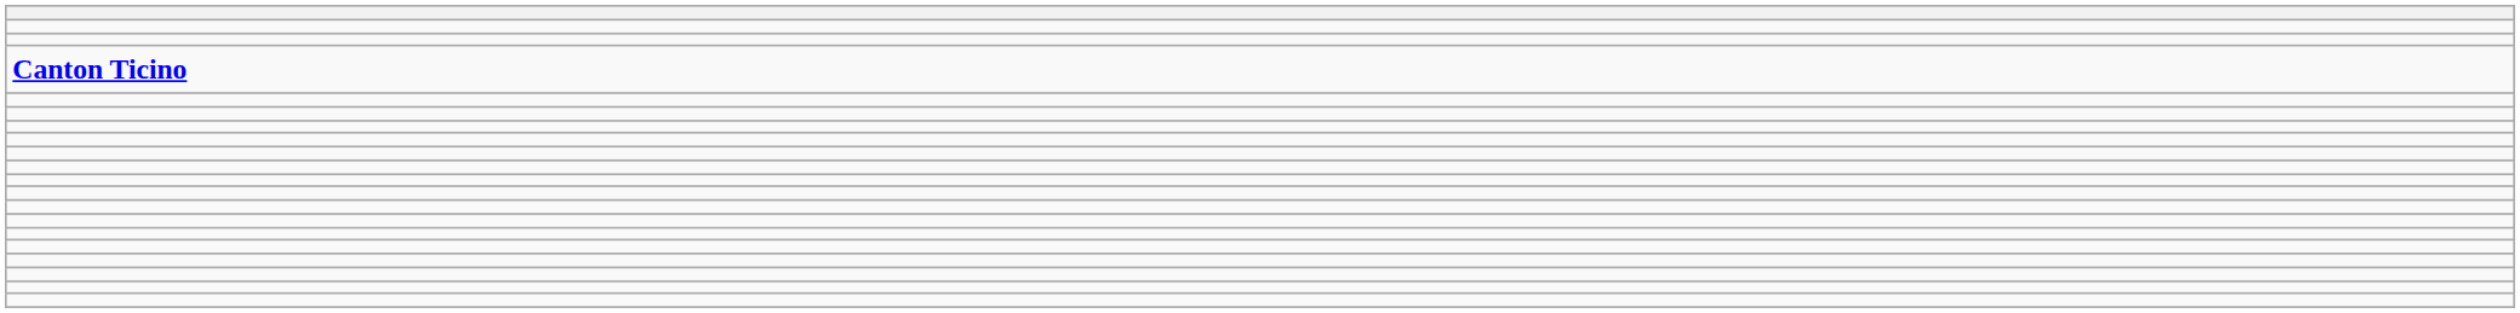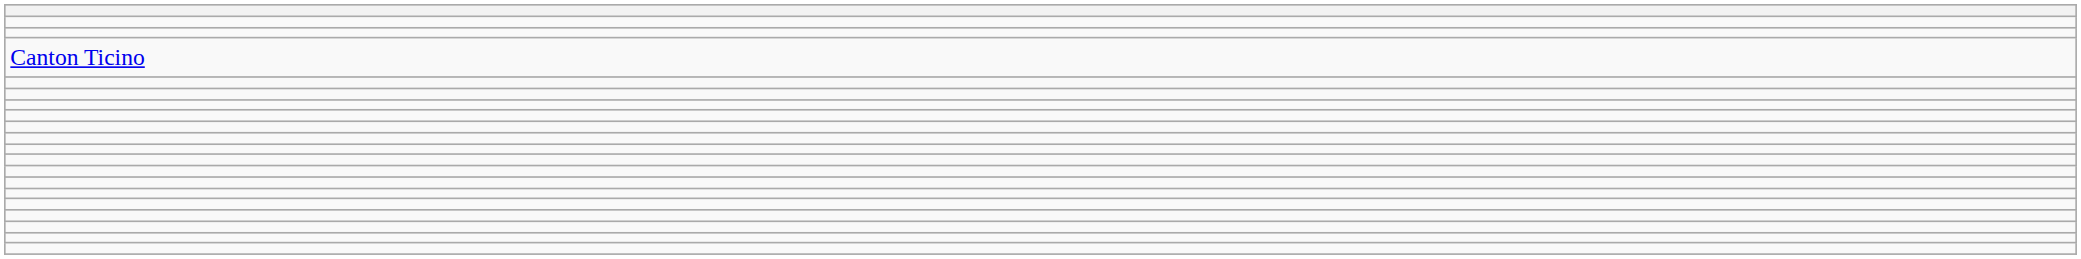 <table class="wikitable" style="font-size:90%" width=100%>
 <tr>
 <th scope="col"></th>
 </tr>
 <tr>
 <td></td>
 </tr>
 <tr>
 <td></td>
 </tr>
 <tr>
-<td><strong> <a href='#'>Canton Ticino</a></strong></td>
+<td> <a href='#'>Canton Ticino</a></td>
 </tr>
 <tr>
 <td></td>
 </tr>
 <tr>
 <td></td>
 </tr>
 <tr>
 <td></td>
 </tr>
 <tr>
 <td></td>
 </tr>
 <tr>
 <td></td>
 </tr>
 <tr>
 <td></td>
 </tr>
 <tr>
 <td></td>
 </tr>
 <tr>
 <td></td>
 </tr>
 <tr>
 <td></td>
 </tr>
 <tr>
 <td></td>
 </tr>
 <tr>
 <td></td>
 </tr>
 <tr>
 <td></td>
 </tr>
 <tr>
 <td></td>
 </tr>
 <tr>
 <td></td>
 </tr>
 <tr>
 <td></td>
 </tr>
 <tr>
 <td></td>
 </tr>
 </table>
